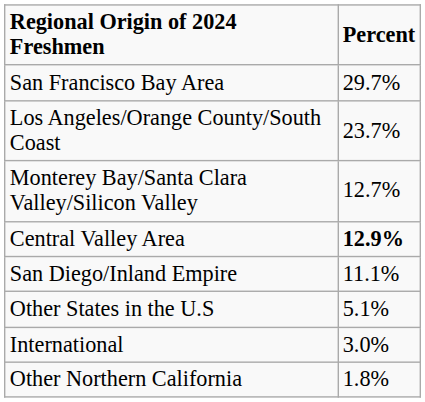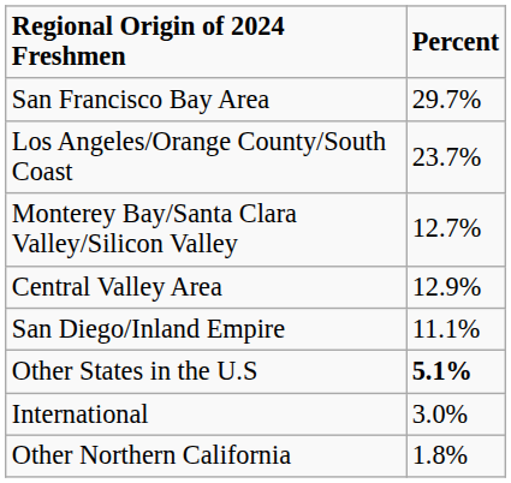 <table class="wikitable sortable" style="width:300px; float:left">
 <tr>
 <td><strong>Regional Origin of 2024 Freshmen</strong></td>
 <td><strong>Percent</strong></td>
 </tr>
 <tr>
 <td>San Francisco Bay Area</td>
 <td>29.7%</td>
 </tr>
 <tr>
 <td>Los Angeles/Orange County/South Coast</td>
 <td>23.7%</td>
 </tr>
 <tr>
 <td>Monterey Bay/Santa Clara Valley/Silicon Valley</td>
 <td>12.7%</td>
 </tr>
 <tr>
 <td>Central Valley Area</td>
-<td><strong>12.9%</strong></td>
+<td>12.9%</td>
 </tr>
 <tr>
 <td>San Diego/Inland Empire</td>
 <td>11.1%</td>
 </tr>
 <tr>
 <td>Other States in the U.S</td>
-<td>5.1%</td>
+<td><strong>5.1%</strong></td>
 </tr>
 <tr>
 <td>International</td>
 <td>3.0%</td>
 </tr>
 <tr>
 <td>Other Northern California</td>
 <td>1.8%</td>
 </tr>
 </table>
